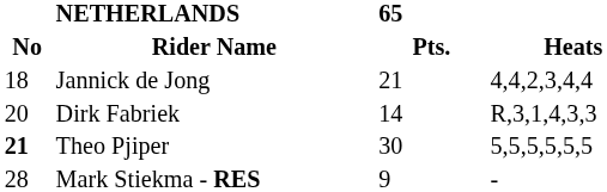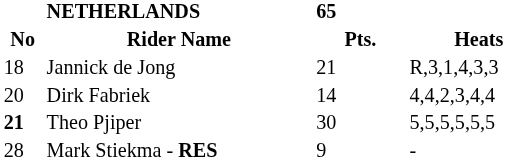 <table class="toccolours">
 <tr>
 <td></td>
 <td><strong>NETHERLANDS</strong></td>
 <td><strong>65</strong></td>
 </tr>
 <tr style="background-color:">
 <th width=30px>No</th>
 <th width=210px>Rider Name</th>
 <th width=70px>Pts.</th>
 <th width=110px>Heats</th>
 </tr>
 <tr style="background-color:">
 <td>18</td>
 <td>Jannick de Jong</td>
 <td>21</td>
-<td>4,4,2,3,4,4</td>
+<td>R,3,1,4,3,3</td>
 </tr>
 <tr style="background-color:">
 <td>20</td>
 <td>Dirk Fabriek</td>
 <td>14</td>
-<td>R,3,1,4,3,3</td>
+<td>4,4,2,3,4,4</td>
 </tr>
 <tr style="background-color:">
 <td><strong>21</strong></td>
 <td>Theo Pjiper</td>
 <td>30</td>
 <td>5,5,5,5,5,5</td>
 </tr>
 <tr style="background-color:">
 <td>28</td>
 <td>Mark Stiekma - <strong>RES</strong></td>
 <td>9</td>
 <td>-</td>
 </tr>
 </table>
